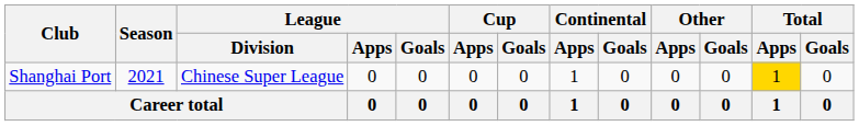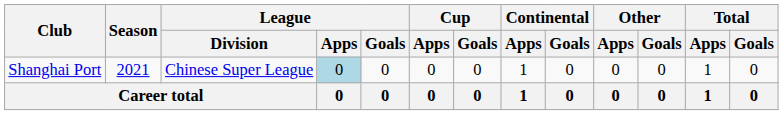 <table class="wikitable" style="text-align: center">
 <tr>
 <th rowspan="2">Club</th>
 <th rowspan="2">Season</th>
 <th colspan="3">League</th>
 <th colspan="2">Cup</th>
 <th colspan="2">Continental</th>
 <th colspan="2">Other</th>
 <th colspan="2">Total</th>
 </tr>
 <tr>
 <th>Division</th>
 <th>Apps</th>
 <th>Goals</th>
 <th>Apps</th>
 <th>Goals</th>
 <th>Apps</th>
 <th>Goals</th>
 <th>Apps</th>
 <th>Goals</th>
 <th>Apps</th>
 <th>Goals</th>
 </tr>
 <tr>
 <td><a href='#'>Shanghai Port</a></td>
 <td><a href='#'>2021</a></td>
 <td><a href='#'>Chinese Super League</a></td>
-<td>0</td>
+<td style="background: lightblue;">0</td>
 <td>0</td>
 <td>0</td>
 <td>0</td>
 <td>1</td>
 <td>0</td>
 <td>0</td>
 <td>0</td>
-<td style="background: gold;">1</td>
+<td>1</td>
 <td>0</td>
 </tr>
 <tr>
 <th colspan=3>Career total</th>
 <th>0</th>
 <th>0</th>
 <th>0</th>
 <th>0</th>
 <th>1</th>
 <th>0</th>
 <th>0</th>
 <th>0</th>
 <th>1</th>
 <th>0</th>
 </tr>
 </table>
